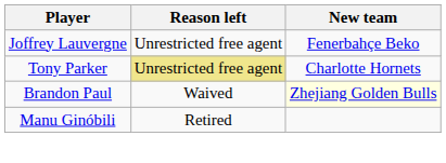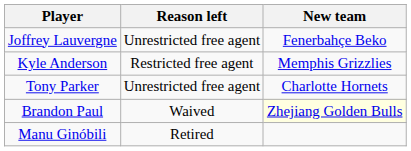 <table class="wikitable sortable sortable" style="text-align: center">
 <tr>
 <th>Player</th>
 <th>Reason left</th>
 <th>New team</th>
 </tr>
 <tr style="text-align: center">
 <td><a href='#'>Joffrey Lauvergne</a></td>
 <td>Unrestricted free agent</td>
 <td> <a href='#'>Fenerbahçe Beko</a></td>
 </tr>
 <tr style="text-align: center">
+<td><a href='#'>Kyle Anderson</a></td>
+<td>Restricted free agent</td>
+<td><a href='#'>Memphis Grizzlies</a></td>
+</tr>
+<tr style="text-align: center">
 <td><a href='#'>Tony Parker</a></td>
-<td style="background: khaki;">Unrestricted free agent</td>
+<td>Unrestricted free agent</td>
 <td><a href='#'>Charlotte Hornets</a></td>
 </tr>
 <tr style="text-align: center">
 <td><a href='#'>Brandon Paul</a></td>
 <td>Waived</td>
 <td style="background: lightyellow;"> <a href='#'>Zhejiang Golden Bulls</a></td>
 </tr>
 <tr style="text-align: center">
 <td><a href='#'>Manu Ginóbili</a></td>
 <td>Retired</td>
 <td></td>
 </tr>
 </table>
